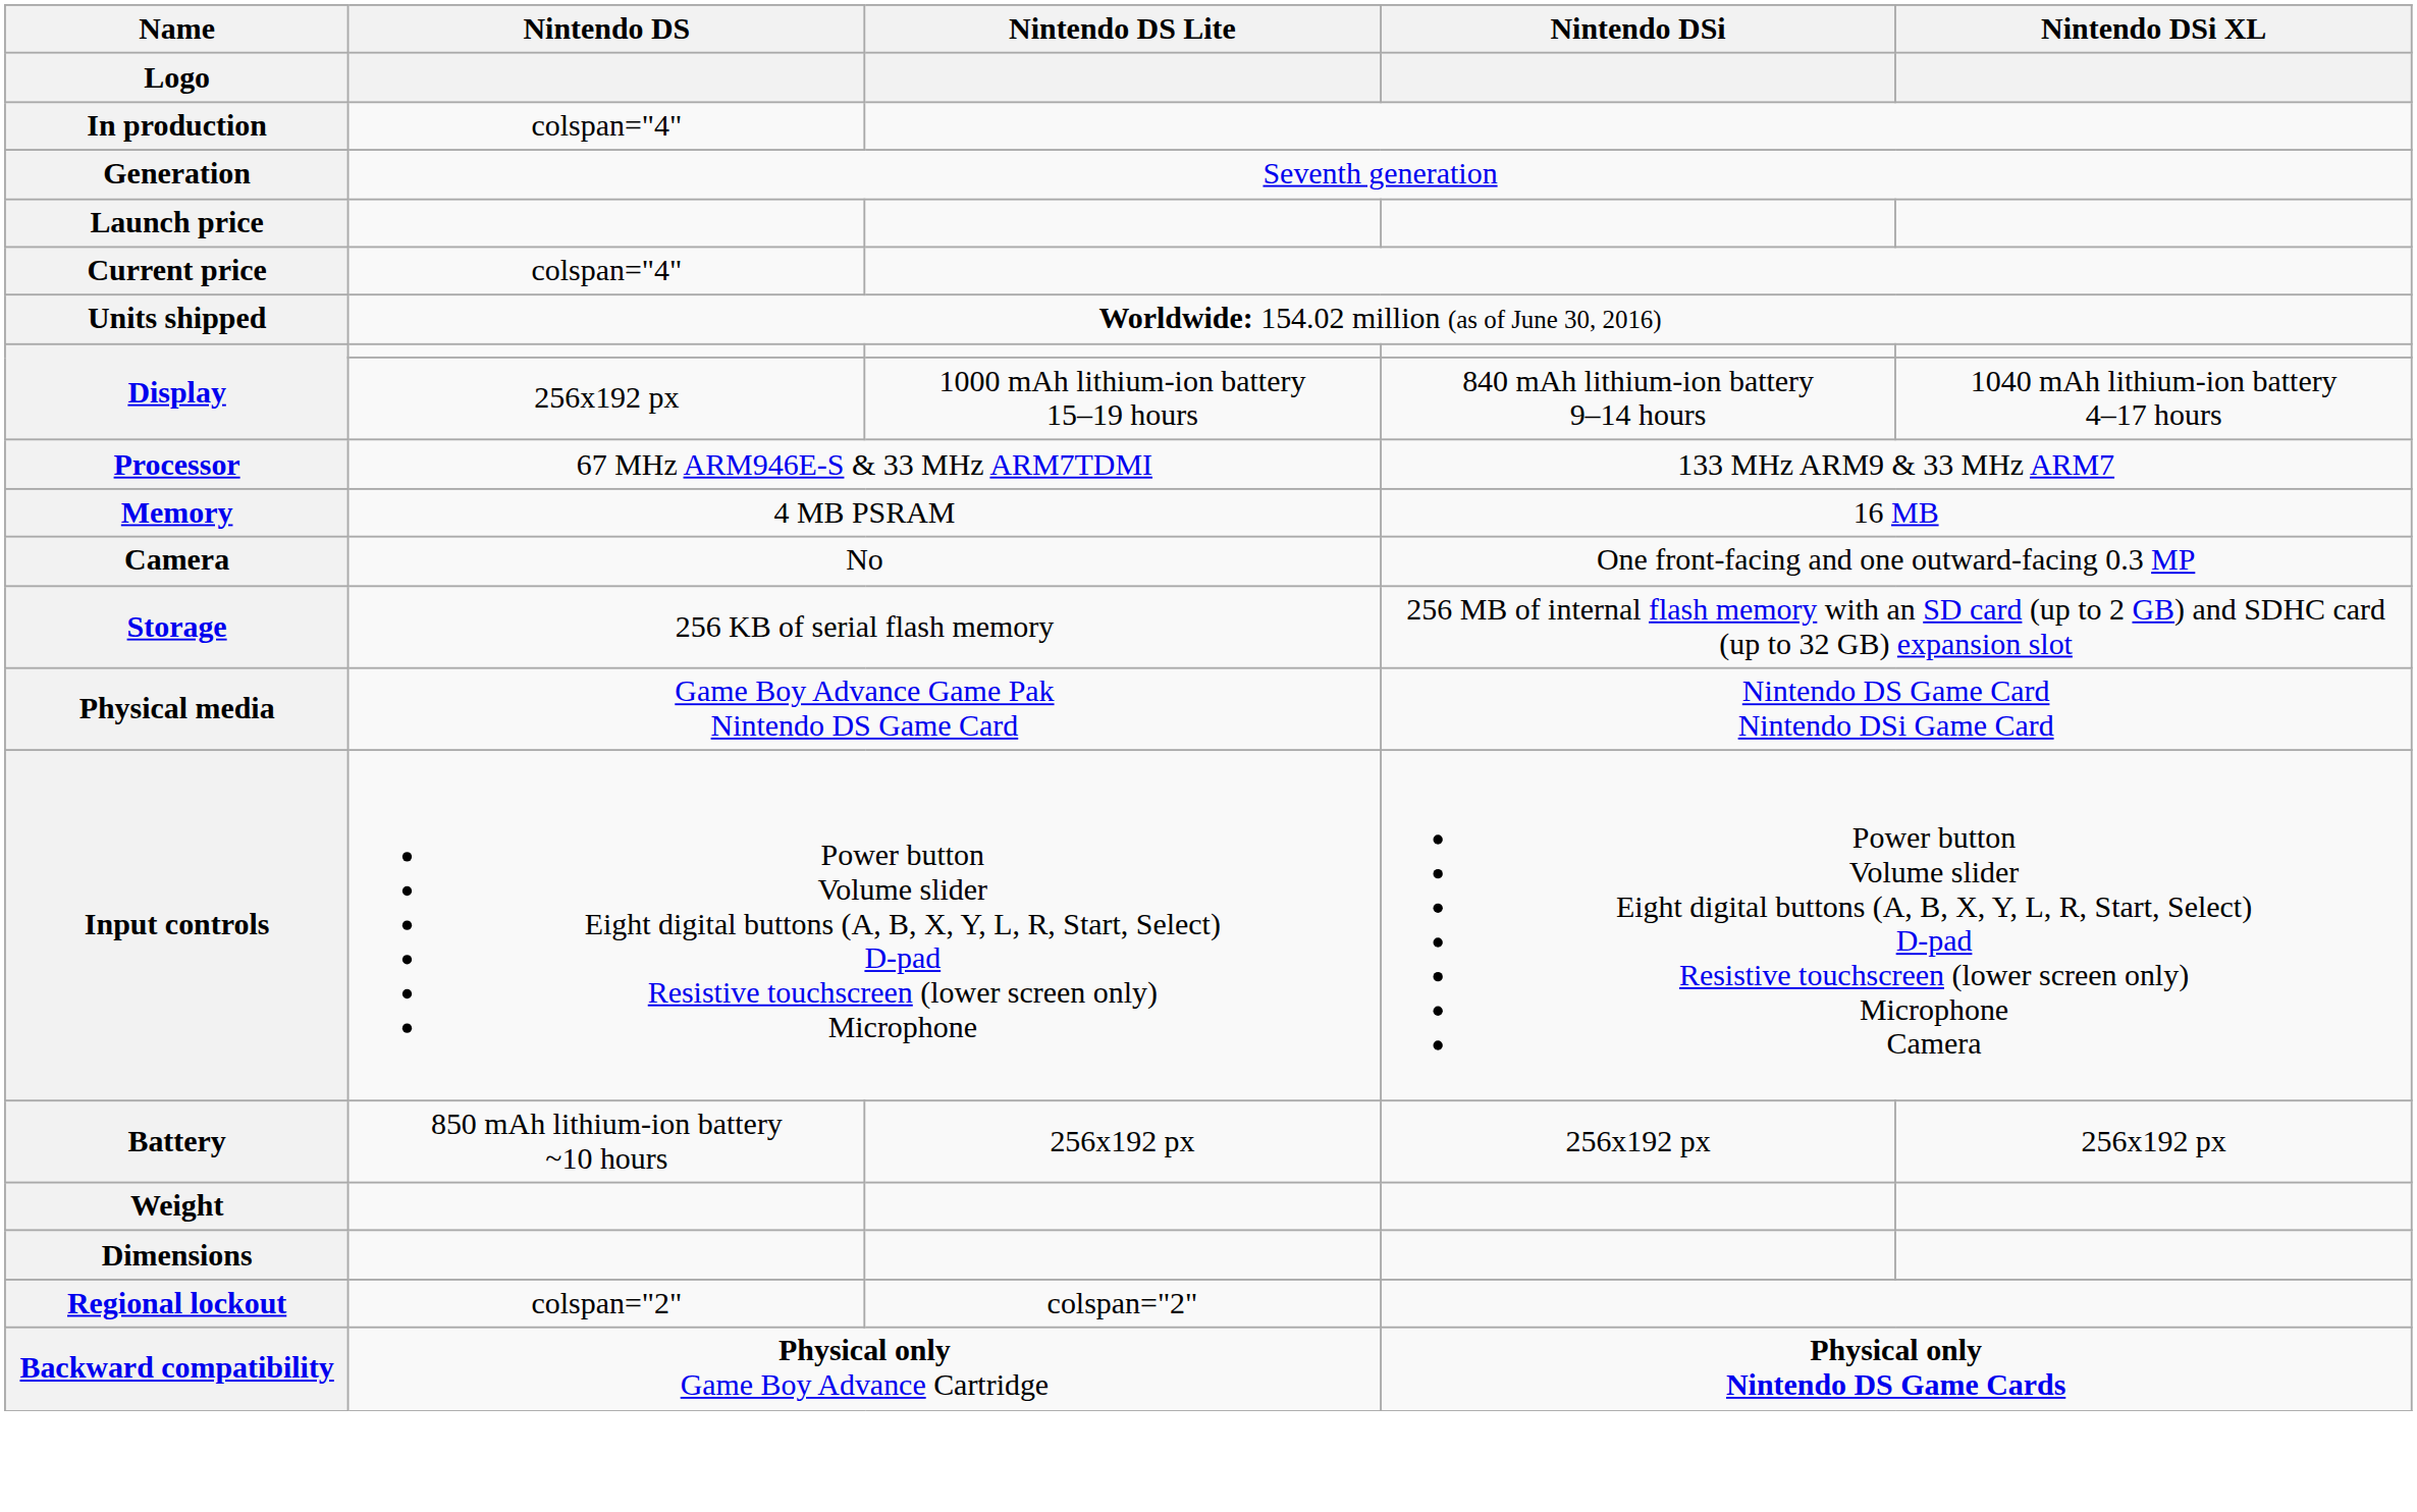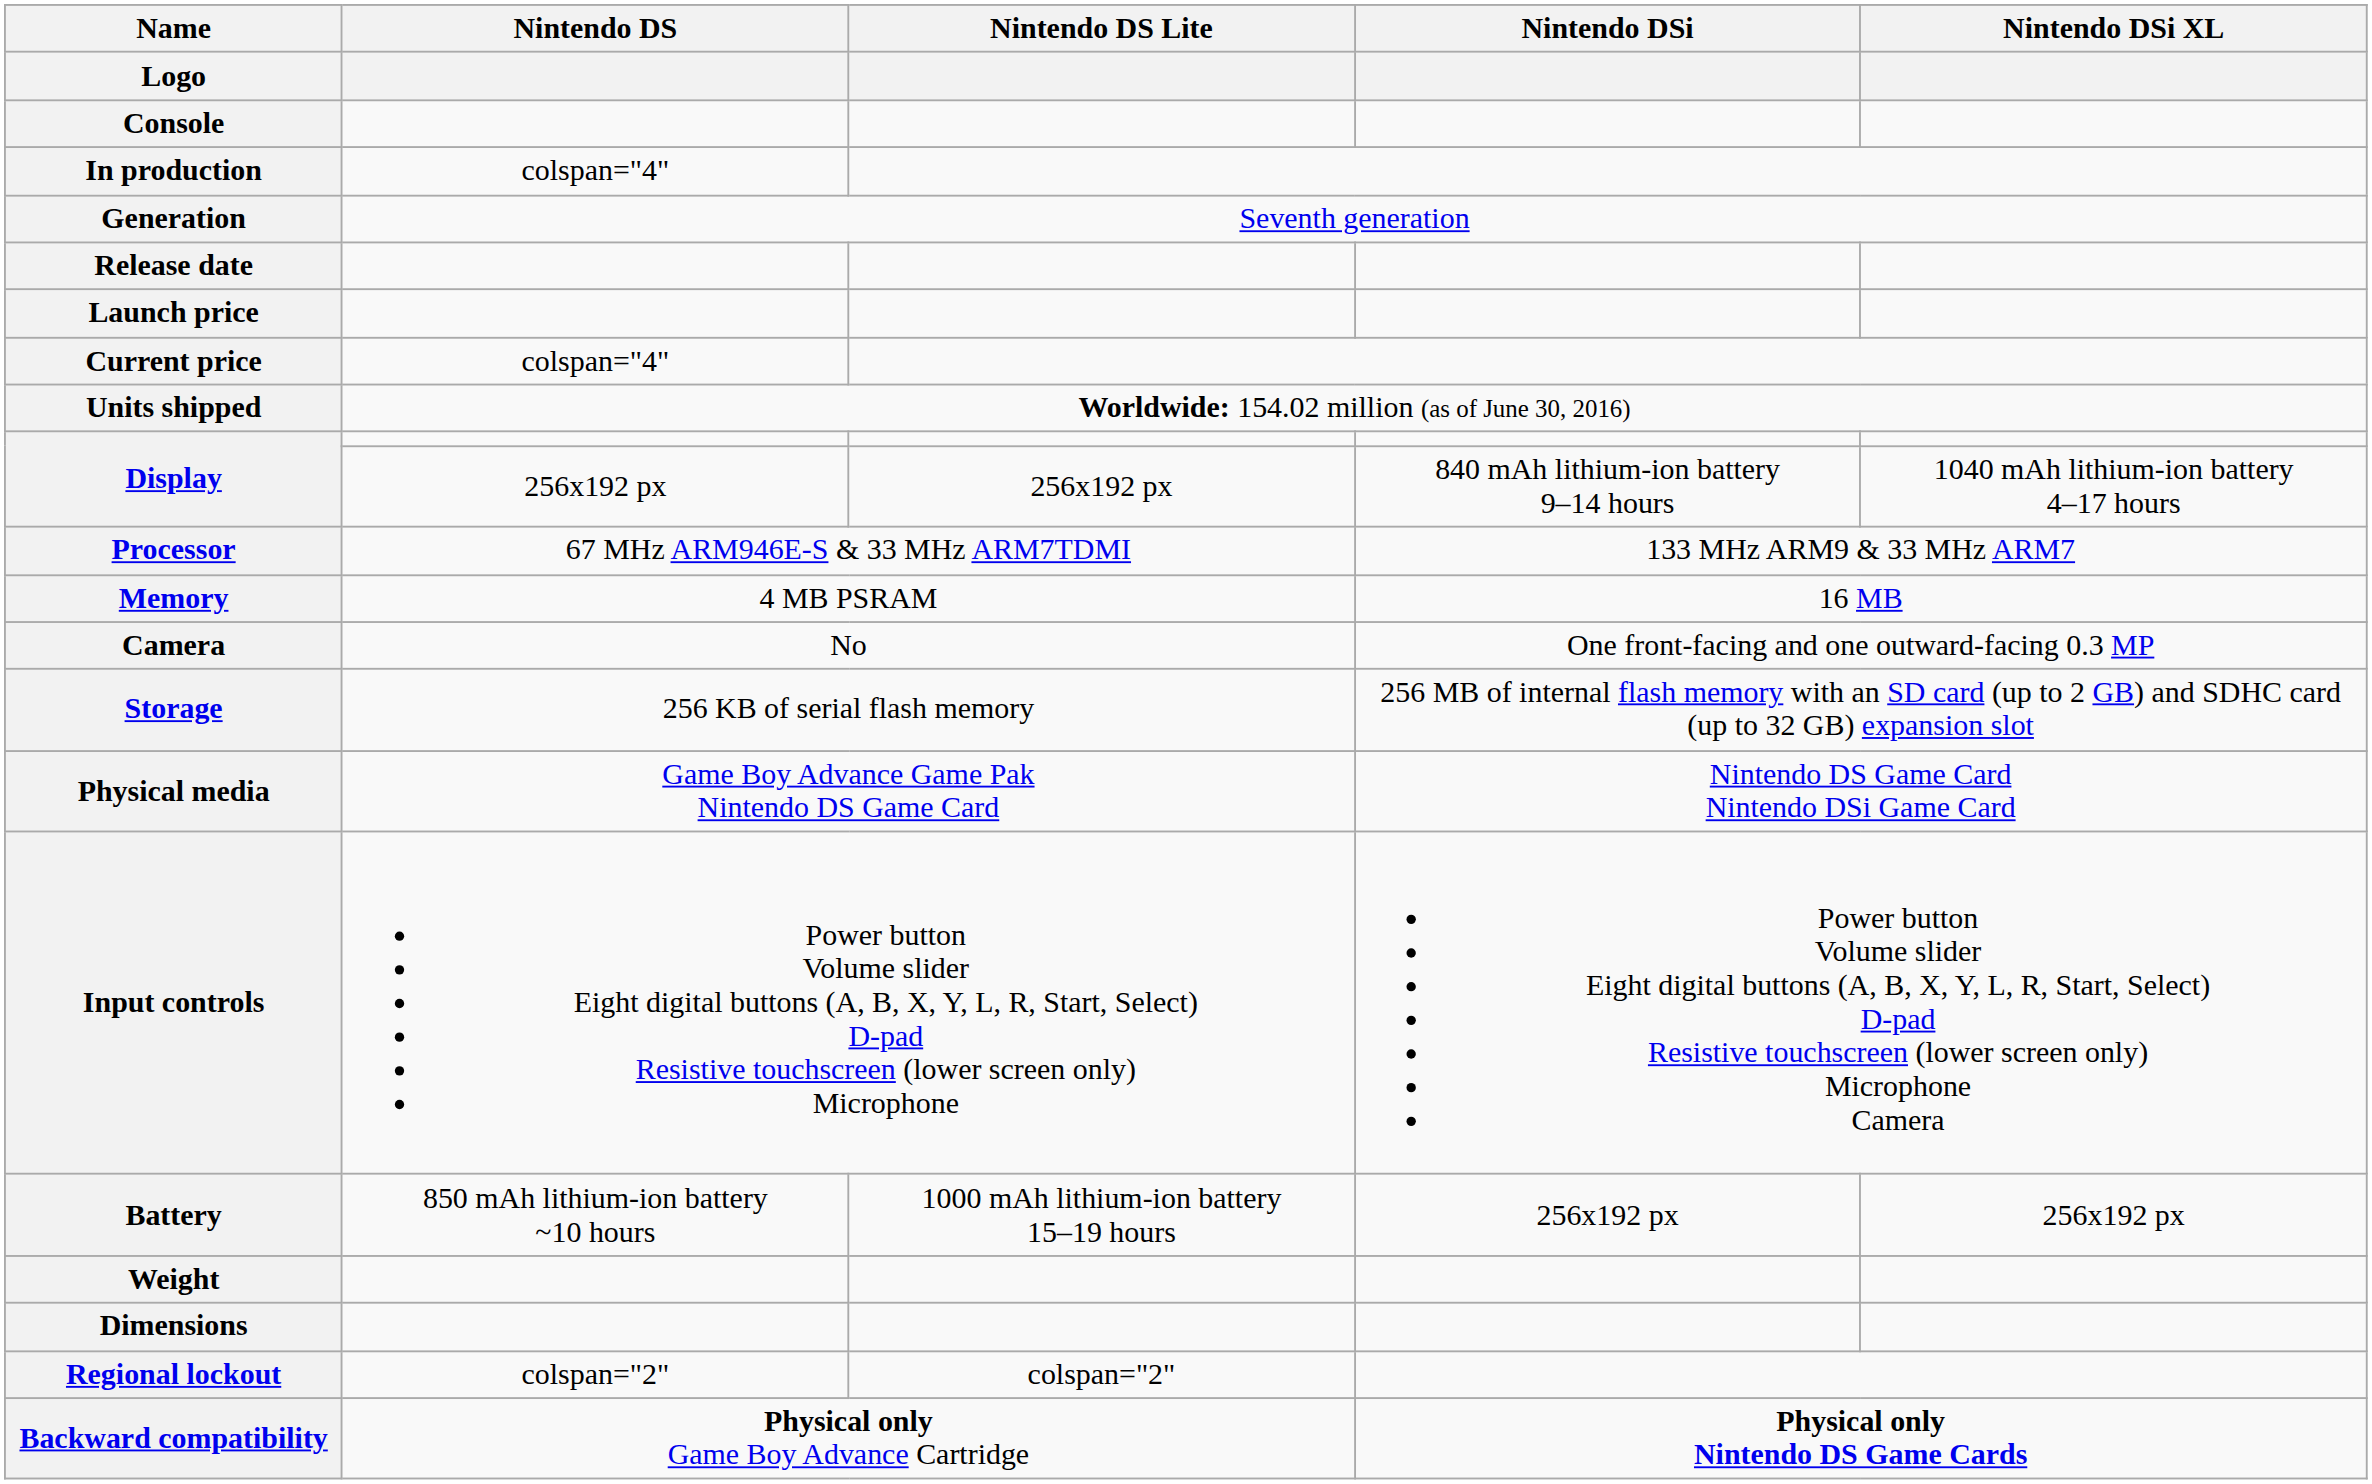 <table class="wikitable outercollapse" style="width: 100%; text-align: center;" |>
 <tr>
 <th style="width: 10%;">Name</th>
 <th style="width: 15%;">Nintendo DS</th>
 <th style="width: 15%;">Nintendo DS Lite</th>
 <th style="width: 15%;">Nintendo DSi</th>
 <th style="width: 15%;">Nintendo DSi XL</th>
 </tr>
 <tr class="skin-invert-image">
 <th>Logo</th>
 <th></th>
 <th></th>
 <th></th>
 <th></th>
 </tr>
 <tr>
+<th>Console</th>
+<td></td>
+<td></td>
+<td></td>
+<td></td>
+</tr>
+<tr>
 <th>In production</th>
 <td>colspan="4" </td>
 </tr>
 <tr>
 <th>Generation</th>
 <td colspan="4"><a href='#'>Seventh generation</a></td>
+</tr>
+<tr>
+<th>Release date</th>
+<td></td>
+<td></td>
+<td></td>
+<td></td>
 </tr>
 <tr style="text-align: left;">
 <th>Launch price </th>
 <td></td>
 <td></td>
 <td></td>
 <td></td>
 </tr>
 <tr>
 <th>Current price</th>
 <td>colspan="4" </td>
 </tr>
 <tr>
 <th>Units shipped</th>
 <td colspan="4"><strong>Worldwide:</strong> 154.02 million <small>(as of June 30, 2016)</small></td>
 </tr>
 <tr>
 <th rowspan="2"><a href='#'>Display</a></th>
 <td></td>
 <td></td>
 <td></td>
 <td></td>
 </tr>
 <tr>
 <td>256x192 px</td>
-<td>1000 mAh lithium-ion battery<br>15–19 hours</td>
+<td>256x192 px</td>
 <td>840 mAh lithium-ion battery<br>9–14 hours</td>
 <td>1040 mAh lithium-ion battery<br>4–17 hours</td>
 </tr>
 <tr>
 <th><a href='#'>Processor</a></th>
 <td colspan="2">67 MHz <a href='#'>ARM946E-S</a> & 33 MHz <a href='#'>ARM7TDMI</a></td>
 <td colspan="2">133 MHz ARM9 & 33 MHz <a href='#'>ARM7</a></td>
 </tr>
 <tr>
 <th><a href='#'>Memory</a></th>
 <td colspan="2">4 MB PSRAM</td>
 <td colspan="2">16 <a href='#'>MB</a></td>
 </tr>
 <tr>
 <th>Camera</th>
 <td colspan="2">No</td>
 <td colspan="2">One front-facing and one outward-facing 0.3 <a href='#'>MP</a></td>
 </tr>
 <tr>
 <th><a href='#'>Storage</a></th>
 <td colspan="2">256 KB of serial flash memory</td>
 <td colspan="2">256 MB of internal <a href='#'>flash memory</a> with an <a href='#'>SD card</a> (up to 2 <a href='#'>GB</a>) and SDHC card (up to 32 GB) <a href='#'>expansion slot</a></td>
 </tr>
 <tr>
 <th>Physical media</th>
 <td colspan="2"><a href='#'>Game Boy Advance Game Pak</a><br><a href='#'>Nintendo DS Game Card</a></td>
 <td colspan="2"><a href='#'>Nintendo DS Game Card</a><br><a href='#'>Nintendo DSi Game Card</a></td>
 </tr>
 <tr>
 <th>Input controls</th>
 <td colspan="2"><br><ul><li>Power button</li><li>Volume slider</li><li>Eight digital buttons (A, B, X, Y, L, R, Start, Select)</li><li><a href='#'>D-pad</a></li><li><a href='#'>Resistive touchscreen</a> (lower screen only)</li><li>Microphone</li></ul></td>
 <td colspan="2"><br><ul><li>Power button</li><li>Volume slider</li><li>Eight digital buttons (A, B, X, Y, L, R, Start, Select)</li><li><a href='#'>D-pad</a></li><li><a href='#'>Resistive touchscreen</a> (lower screen only)</li><li>Microphone</li><li>Camera</li></ul></td>
 </tr>
 <tr>
 <th>Battery</th>
 <td>850 mAh lithium-ion battery<br>~10 hours</td>
-<td>256x192 px</td>
+<td>1000 mAh lithium-ion battery<br>15–19 hours</td>
 <td>256x192 px</td>
 <td>256x192 px</td>
 </tr>
 <tr>
 <th>Weight</th>
 <td></td>
 <td></td>
 <td></td>
 <td></td>
 </tr>
 <tr>
 <th>Dimensions</th>
 <td></td>
 <td></td>
 <td></td>
 <td></td>
 </tr>
 <tr>
 <th><a href='#'>Regional lockout</a></th>
 <td>colspan="2" </td>
 <td>colspan="2" </td>
 </tr>
 <tr>
 <th><a href='#'>Backward compatibility</a></th>
 <td colspan="2"><strong>Physical only</strong><br><a href='#'>Game Boy Advance</a> Cartridge</td>
 <td colspan="2"><strong>Physical only</strong><br><strong><a href='#'>Nintendo DS Game Cards</a></strong></td>
 </tr>
 </table>
